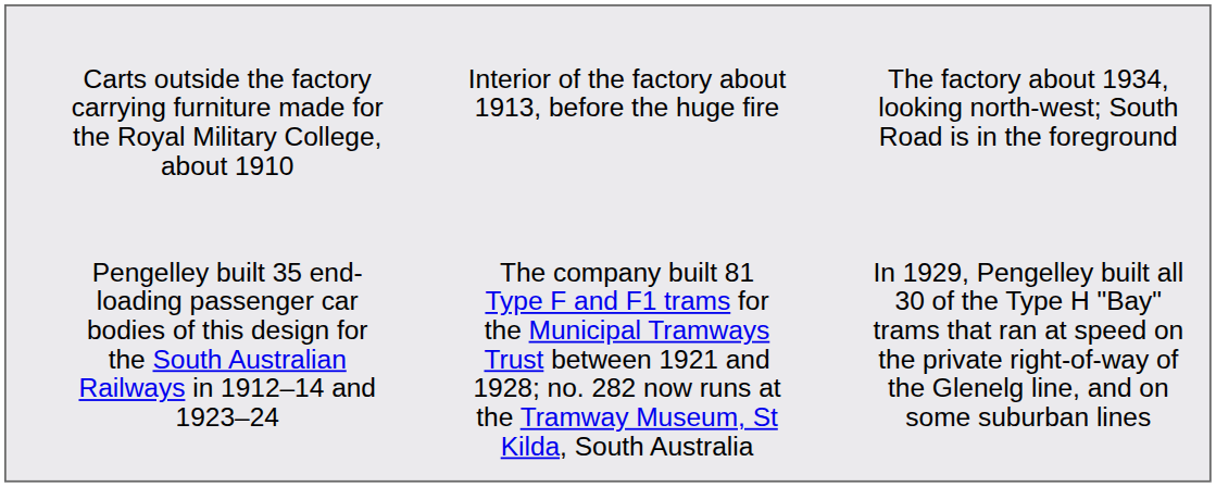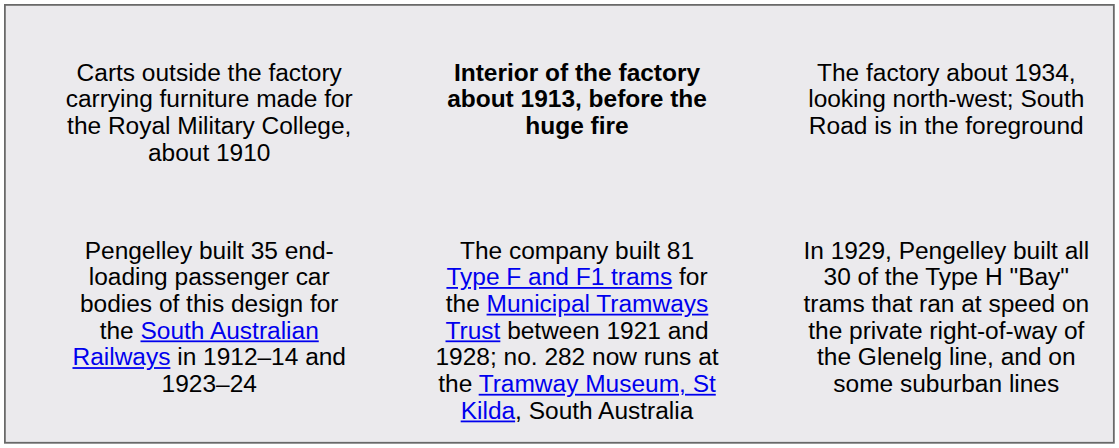 <table style="background:#EBEAED; border:1px solid dimgray; font-size: 86%;color:black" border="0" height="230" align="center" vertical-align="bottom" cellpadding=10px cellspacing=0px>
 <tr align="center">
 <td></td>
 <td></td>
 <td></td>
 <td></td>
 <td></td>
 <td></td>
 </tr>
 <tr style="vertical-align:top; text-align:center">
 <td width="5"></td>
 <td width="400">Carts outside the factory carrying furniture made for the Royal Military College, about 1910</td>
 <td width="5"></td>
-<td width="400">Interior of the factory about 1913, before the huge fire</td>
+<td width="400"><strong>Interior of the factory about 1913, before the huge fire</strong></td>
 <td width="5"></td>
 <td width="400">The factory about 1934, looking north-west; South Road is in the foreground</td>
 </tr>
 <tr align="center">
 <td></td>
 <td></td>
 <td></td>
 <td></td>
 <td></td>
 <td></td>
 </tr>
 <tr style="vertical-align:top; text-align:center">
 <td width="5"></td>
 <td width="400">Pengelley built 35 end-loading passenger car bodies of this design for the <a href='#'>South Australian Railways</a> in 1912–14 and 1923–24</td>
 <td width="5"></td>
 <td width="400">The company built 81 <a href='#'>Type F and F1 trams</a> for the <a href='#'>Municipal Tramways Trust</a> between 1921 and 1928; no. 282 now runs at the <a href='#'>Tramway Museum, St Kilda</a>, South Australia</td>
 <td width="5"></td>
 <td width="400">In 1929, Pengelley built all 30 of the Type H "Bay" trams that ran at speed on the  private right-of-way of the Glenelg line, and on some suburban lines</td>
 </tr>
 <tr align="center">
 </tr>
 </table>
